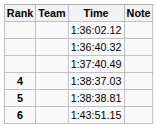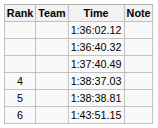 <table class="wikitable sortable" style=" text-align:center; font-size:95%;">
 <tr>
 </tr>
 <tr>
 <th>Rank</th>
 <th>Team</th>
 <th>Time</th>
 <th>Note</th>
 </tr>
 <tr>
 <td></td>
 <td align=left></td>
 <td>1:36:02.12</td>
 <td></td>
 </tr>
 <tr>
 <td></td>
 <td align=left></td>
 <td>1:36:40.32</td>
 <td></td>
 </tr>
 <tr>
 <td></td>
 <td align=left></td>
 <td>1:37:40.49</td>
 <td></td>
 </tr>
 <tr>
-<td><strong>4</strong></td>
+<td>4</td>
 <td align=left></td>
 <td>1:38:37.03</td>
 <td></td>
 </tr>
 <tr>
-<td><strong>5</strong></td>
+<td>5</td>
 <td align=left></td>
 <td>1:38:38.81</td>
 <td></td>
 </tr>
 <tr>
-<td><strong>6</strong></td>
+<td>6</td>
 <td align=left></td>
 <td>1:43:51.15</td>
 <td></td>
 </tr>
 </table>
